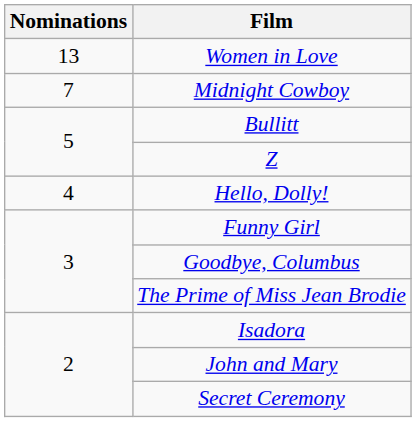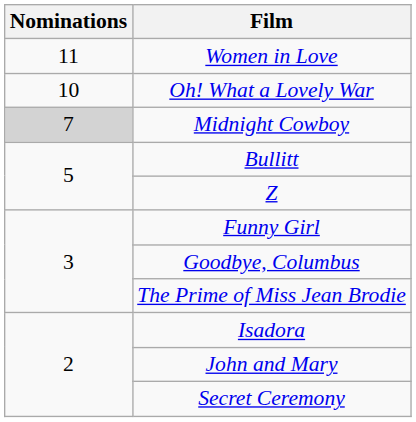 <table class="wikitable" style="text-align:center;">
 <tr>
 <th style="background:">Nominations</th>
 <th style="background:">Film</th>
 </tr>
 <tr>
-<td>13</td>
+<td>11</td>
 <td><em><a href='#'>Women in Love</a></em></td>
 </tr>
 <tr>
-<td>7</td>
+<td>10</td>
+<td><em><a href='#'>Oh! What a Lovely War</a></em></td>
+</tr>
+<tr>
+<td style="background: lightgrey;">7</td>
 <td><em><a href='#'>Midnight Cowboy</a></em></td>
 </tr>
 <tr>
 <td rowspan="2">5</td>
 <td><em><a href='#'>Bullitt</a></em></td>
 </tr>
 <tr>
 <td><em><a href='#'>Z</a></em></td>
-</tr>
-<tr>
-<td>4</td>
-<td><em><a href='#'>Hello, Dolly!</a></em></td>
 </tr>
 <tr>
 <td rowspan="3">3</td>
 <td><em><a href='#'>Funny Girl</a></em></td>
 </tr>
 <tr>
 <td><em><a href='#'>Goodbye, Columbus</a></em></td>
 </tr>
 <tr>
 <td><em><a href='#'>The Prime of Miss Jean Brodie</a></em></td>
 </tr>
 <tr>
 <td rowspan="3">2</td>
 <td><em><a href='#'>Isadora</a></em></td>
 </tr>
 <tr>
 <td><em><a href='#'>John and Mary</a></em></td>
 </tr>
 <tr>
 <td><em><a href='#'>Secret Ceremony</a></em></td>
 </tr>
 </table>
